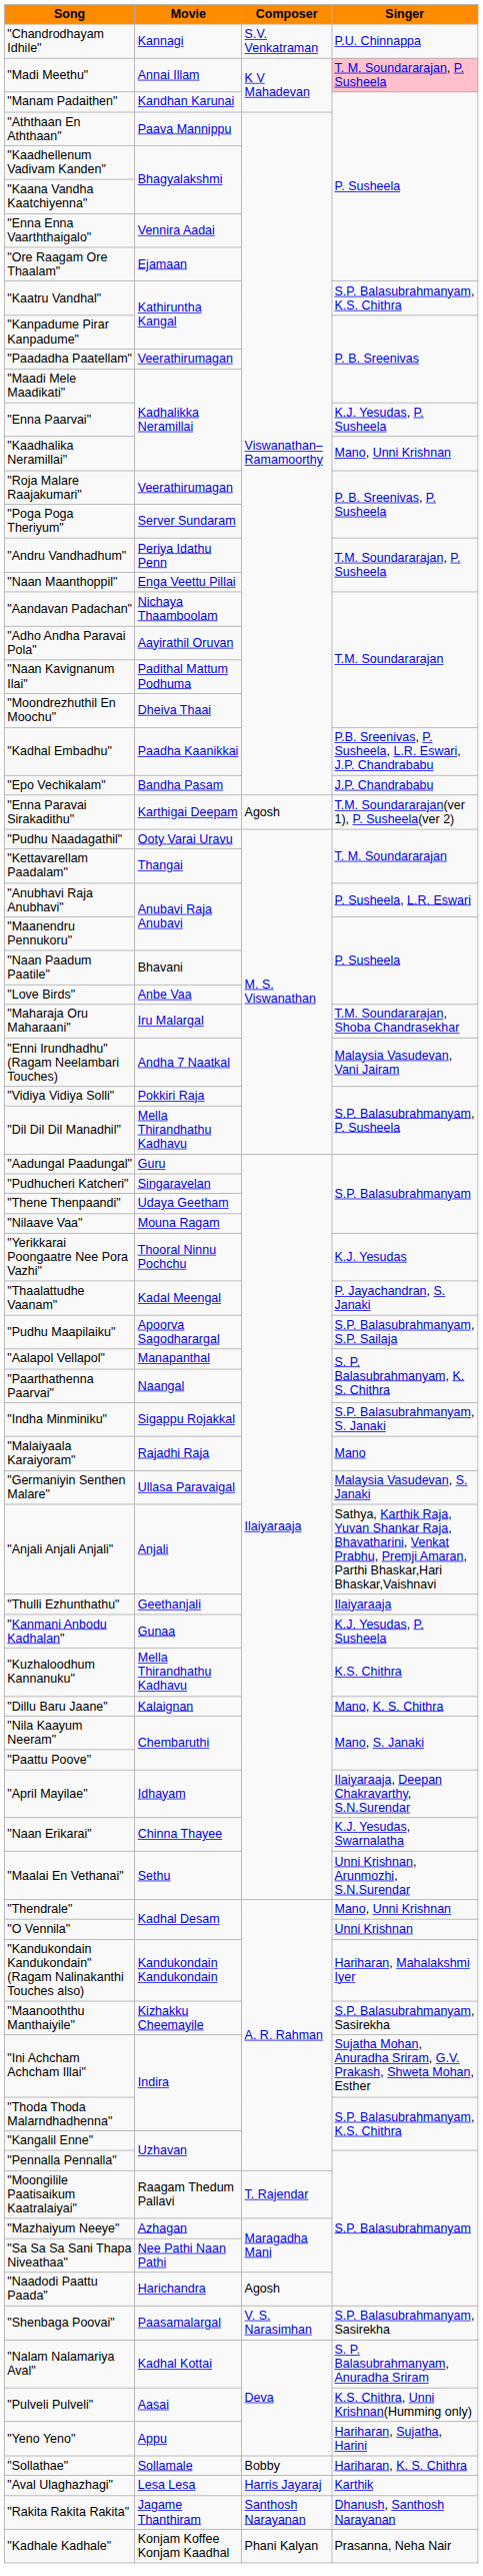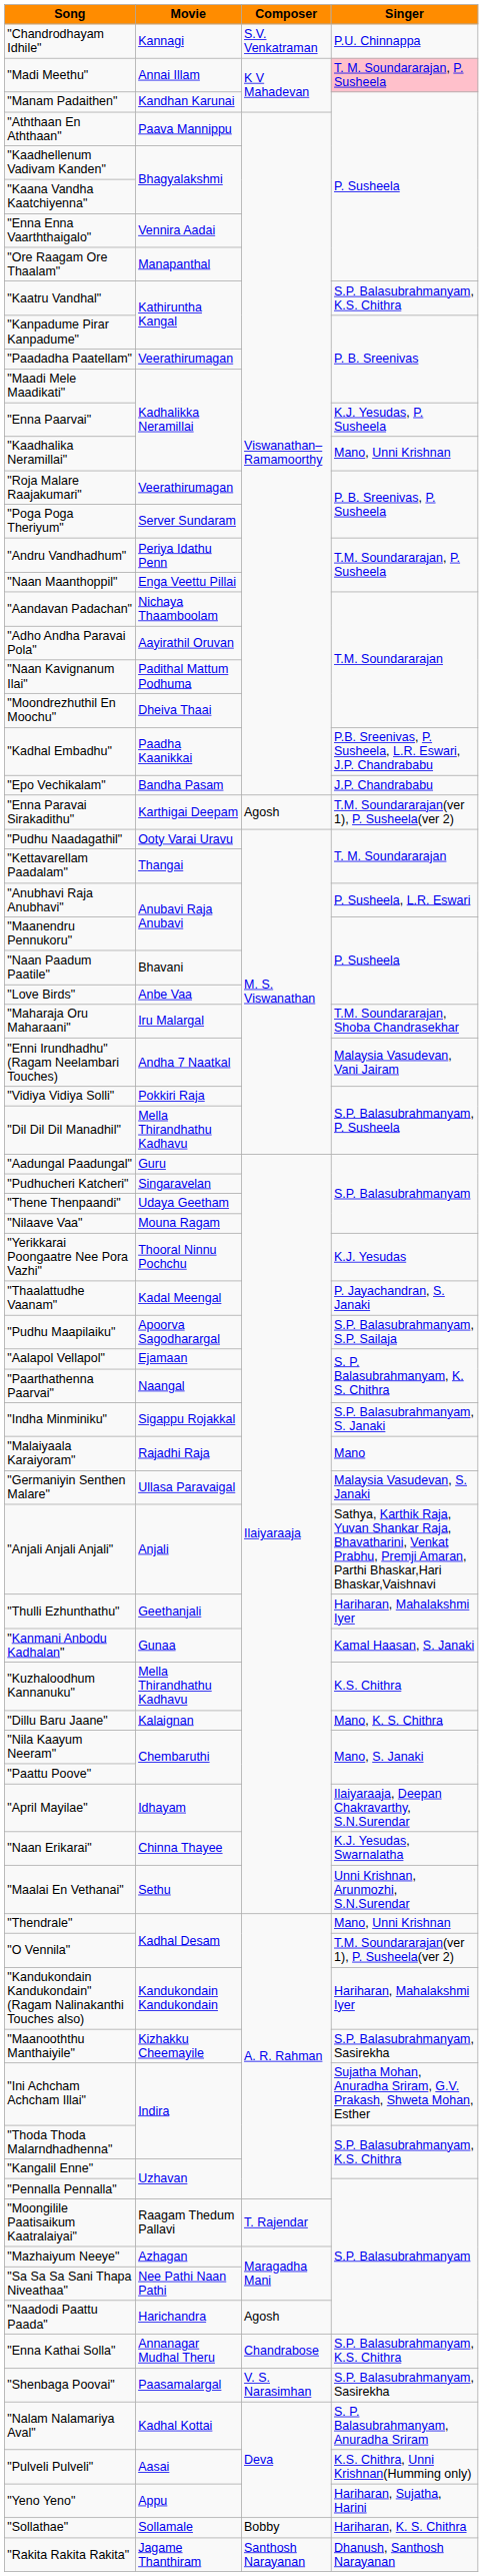 <table class="wikitable">
 <tr>
 <th style="background:#FF8C00">Song</th>
 <th style="background:#FF8C00">Movie</th>
 <th style="background:#FF8C00">Composer</th>
 <th style="background:#FF8C00">Singer</th>
 </tr>
 <tr>
 <td>"Chandrodhayam Idhile"</td>
 <td><a href='#'>Kannagi</a></td>
 <td><a href='#'>S.V. Venkatraman</a></td>
 <td><a href='#'>P.U. Chinnappa</a></td>
 </tr>
 <tr>
 <td>"Madi Meethu"</td>
 <td><a href='#'>Annai Illam</a></td>
 <td rowspan="2"><a href='#'>K V Mahadevan</a></td>
 <td style="background: pink;"><a href='#'>T. M. Soundararajan</a>, <a href='#'>P. Susheela</a></td>
 </tr>
 <tr>
 <td>"Manam Padaithen"</td>
 <td><a href='#'>Kandhan Karunai</a></td>
 <td rowspan="6"><a href='#'>P. Susheela</a></td>
 </tr>
 <tr>
 <td>"Aththaan En Aththaan"</td>
 <td><a href='#'>Paava Mannippu</a></td>
 <td rowspan="21"><a href='#'>Viswanathan–Ramamoorthy</a></td>
 </tr>
 <tr>
 <td>"Kaadhellenum Vadivam Kanden"</td>
 <td rowspan="2"><a href='#'>Bhagyalakshmi</a></td>
 </tr>
 <tr>
 <td>"Kaana Vandha Kaatchiyenna"</td>
 </tr>
 <tr>
 <td>"Enna Enna Vaarththaigalo"</td>
 <td><a href='#'>Vennira Aadai</a></td>
 </tr>
 <tr>
 <td>"Ore Raagam Ore Thaalam"</td>
-<td><a href='#'>Ejamaan</a></td>
+<td><a href='#'>Manapanthal</a></td>
 </tr>
 <tr>
 <td>"Kaatru Vandhal"</td>
 <td rowspan="2"><a href='#'>Kathiruntha Kangal</a></td>
 <td><a href='#'>S.P. Balasubrahmanyam</a>, <a href='#'>K.S. Chithra</a></td>
 </tr>
 <tr>
 <td>"Kanpadume Pirar Kanpadume"</td>
 <td rowspan="3"><a href='#'>P. B. Sreenivas</a></td>
 </tr>
 <tr>
 <td>"Paadadha Paatellam"</td>
 <td><a href='#'>Veerathirumagan</a></td>
 </tr>
 <tr>
 <td>"Maadi Mele Maadikati"</td>
 <td rowspan="3"><a href='#'>Kadhalikka Neramillai</a></td>
 </tr>
 <tr>
 <td>"Enna Paarvai"</td>
 <td><a href='#'>K.J. Yesudas</a>, <a href='#'>P. Susheela</a></td>
 </tr>
 <tr>
 <td>"Kaadhalika Neramillai"</td>
 <td><a href='#'>Mano</a>, <a href='#'>Unni Krishnan</a></td>
 </tr>
 <tr>
 <td>"Roja Malare Raajakumari"</td>
 <td><a href='#'>Veerathirumagan</a></td>
 <td rowspan="2"><a href='#'>P. B. Sreenivas</a>, <a href='#'>P. Susheela</a></td>
 </tr>
 <tr>
 <td>"Poga Poga Theriyum"</td>
 <td><a href='#'>Server Sundaram</a></td>
 </tr>
 <tr>
 <td>"Andru Vandhadhum"</td>
 <td><a href='#'>Periya Idathu Penn</a></td>
 <td rowspan="2"><a href='#'>T.M. Soundararajan</a>, <a href='#'>P. Susheela</a></td>
 </tr>
 <tr>
 <td>"Naan Maanthoppil"</td>
 <td><a href='#'>Enga Veettu Pillai</a></td>
 </tr>
 <tr>
 <td>"Aandavan Padachan"</td>
 <td><a href='#'>Nichaya Thaamboolam</a></td>
 <td rowspan="4"><a href='#'>T.M. Soundararajan</a></td>
 </tr>
 <tr>
 <td>"Adho Andha Paravai Pola"</td>
 <td><a href='#'>Aayirathil Oruvan</a></td>
 </tr>
 <tr>
 <td>"Naan Kavignanum Ilai"</td>
 <td><a href='#'>Padithal Mattum Podhuma</a></td>
 </tr>
 <tr>
 <td>"Moondrezhuthil En Moochu"</td>
 <td><a href='#'>Dheiva Thaai</a></td>
 </tr>
 <tr>
 <td>"Kadhal Embadhu"</td>
 <td><a href='#'>Paadha Kaanikkai</a></td>
 <td><a href='#'>P.B. Sreenivas</a>, <a href='#'>P. Susheela</a>, <a href='#'>L.R. Eswari</a>, <a href='#'>J.P. Chandrababu</a></td>
 </tr>
 <tr>
 <td>"Epo Vechikalam"</td>
 <td><a href='#'>Bandha Pasam</a></td>
 <td><a href='#'>J.P. Chandrababu</a></td>
 </tr>
 <tr>
 <td>"Enna Paravai Sirakadithu"</td>
 <td><a href='#'>Karthigai Deepam</a></td>
 <td>Agosh</td>
 <td><a href='#'>T.M. Soundararajan</a>(ver 1), <a href='#'>P. Susheela</a>(ver 2)</td>
 </tr>
 <tr>
 <td>"Pudhu Naadagathil"</td>
 <td><a href='#'>Ooty Varai Uravu</a></td>
 <td rowspan="10"><a href='#'>M. S. Viswanathan</a></td>
 <td rowspan="2"><a href='#'>T. M. Soundararajan</a></td>
 </tr>
 <tr>
 <td>"Kettavarellam Paadalam"</td>
 <td><a href='#'>Thangai</a></td>
 </tr>
 <tr>
 <td>"Anubhavi Raja Anubhavi"</td>
 <td rowspan="2"><a href='#'>Anubavi Raja Anubavi</a></td>
 <td><a href='#'>P. Susheela</a>, <a href='#'>L.R. Eswari</a></td>
 </tr>
 <tr>
 <td>"Maanendru Pennukoru"</td>
 <td rowspan="3"><a href='#'>P. Susheela</a></td>
 </tr>
 <tr>
 <td>"Naan Paadum Paatile"</td>
 <td>Bhavani</td>
 </tr>
 <tr>
 <td>"Love Birds"</td>
 <td><a href='#'>Anbe Vaa</a></td>
 </tr>
 <tr>
 <td>"Maharaja Oru Maharaani"</td>
 <td><a href='#'>Iru Malargal</a></td>
 <td><a href='#'>T.M. Soundararajan</a>, <a href='#'>Shoba Chandrasekhar</a></td>
 </tr>
 <tr>
 <td>"Enni Irundhadhu"<br>(Ragam Neelambari Touches)</td>
 <td><a href='#'>Andha 7 Naatkal</a></td>
 <td><a href='#'>Malaysia Vasudevan</a>, <a href='#'>Vani Jairam</a></td>
 </tr>
 <tr>
 <td>"Vidiya Vidiya Solli"</td>
 <td><a href='#'>Pokkiri Raja</a></td>
 <td rowspan="2"><a href='#'>S.P. Balasubrahmanyam</a>, <a href='#'>P. Susheela</a></td>
 </tr>
 <tr>
 <td>"Dil Dil Dil Manadhil"</td>
 <td><a href='#'>Mella Thirandhathu Kadhavu</a></td>
 </tr>
 <tr>
 <td>"Aadungal Paadungal"</td>
 <td><a href='#'>Guru</a></td>
 <td rowspan="22"><a href='#'>Ilaiyaraaja</a></td>
 <td rowspan="4"><a href='#'>S.P. Balasubrahmanyam</a></td>
 </tr>
 <tr>
 <td>"Pudhucheri Katcheri"</td>
 <td><a href='#'>Singaravelan</a></td>
 </tr>
 <tr>
 <td>"Thene Thenpaandi"</td>
 <td><a href='#'>Udaya Geetham</a></td>
 </tr>
 <tr>
 <td>"Nilaave Vaa"</td>
 <td><a href='#'>Mouna Ragam</a></td>
 </tr>
 <tr>
 <td>"Yerikkarai Poongaatre Nee Pora Vazhi"</td>
 <td><a href='#'>Thooral Ninnu Pochchu</a></td>
 <td><a href='#'>K.J. Yesudas</a></td>
 </tr>
 <tr>
 <td>"Thaalattudhe Vaanam"</td>
 <td><a href='#'>Kadal Meengal</a></td>
 <td><a href='#'>P. Jayachandran</a>, <a href='#'>S. Janaki</a></td>
 </tr>
 <tr>
 <td>"Pudhu Maapilaiku"</td>
 <td><a href='#'>Apoorva Sagodharargal</a></td>
 <td><a href='#'>S.P. Balasubrahmanyam</a>, <a href='#'>S.P. Sailaja</a></td>
 </tr>
 <tr>
 <td>"Aalapol Vellapol"</td>
-<td><a href='#'>Manapanthal</a></td>
+<td><a href='#'>Ejamaan</a></td>
 <td rowspan="2"><a href='#'>S. P. Balasubrahmanyam</a>, <a href='#'>K. S. Chithra</a></td>
 </tr>
 <tr>
 <td>"Paarthathenna Paarvai"</td>
 <td><a href='#'>Naangal</a></td>
 </tr>
 <tr>
 <td>"Indha Minminiku"</td>
 <td><a href='#'>Sigappu Rojakkal</a></td>
 <td><a href='#'>S.P. Balasubrahmanyam</a>, <a href='#'>S. Janaki</a></td>
 </tr>
 <tr>
 <td>"Malaiyaala Karaiyoram"</td>
 <td><a href='#'>Rajadhi Raja</a></td>
 <td><a href='#'>Mano</a></td>
 </tr>
 <tr>
 <td>"Germaniyin Senthen Malare"</td>
 <td><a href='#'>Ullasa Paravaigal</a></td>
 <td><a href='#'>Malaysia Vasudevan</a>, <a href='#'>S. Janaki</a></td>
 </tr>
 <tr>
 <td>"Anjali Anjali Anjali"</td>
 <td><a href='#'>Anjali</a></td>
 <td>Sathya, <a href='#'>Karthik Raja</a>, <a href='#'>Yuvan Shankar Raja</a>,<br><a href='#'>Bhavatharini</a>, <a href='#'>Venkat Prabhu</a>, <a href='#'>Premji Amaran</a>, Parthi Bhaskar,Hari Bhaskar,Vaishnavi</td>
 </tr>
 <tr>
 <td>"Thulli Ezhunthathu"</td>
 <td><a href='#'>Geethanjali</a></td>
-<td><a href='#'>Ilaiyaraaja</a></td>
+<td><a href='#'>Hariharan</a>, <a href='#'>Mahalakshmi Iyer</a></td>
 </tr>
 <tr>
 <td>"<a href='#'>Kanmani Anbodu Kadhalan</a>"</td>
 <td><a href='#'>Gunaa</a></td>
-<td><a href='#'>K.J. Yesudas</a>, <a href='#'>P. Susheela</a></td>
+<td><a href='#'>Kamal Haasan</a>, <a href='#'>S. Janaki</a></td>
 </tr>
 <tr>
 <td>"Kuzhaloodhum Kannanuku"</td>
 <td><a href='#'>Mella Thirandhathu Kadhavu</a></td>
 <td><a href='#'>K.S. Chithra</a></td>
 </tr>
 <tr>
 <td>"Dillu Baru Jaane"</td>
 <td><a href='#'>Kalaignan</a></td>
 <td><a href='#'>Mano</a>, <a href='#'>K. S. Chithra</a></td>
 </tr>
 <tr>
 <td>"Nila Kaayum Neeram"</td>
 <td rowspan="2"><a href='#'>Chembaruthi</a></td>
 <td rowspan="2"><a href='#'>Mano</a>, <a href='#'>S. Janaki</a></td>
 </tr>
 <tr>
 <td>"Paattu Poove"</td>
 </tr>
 <tr>
 <td>"April Mayilae"</td>
 <td><a href='#'>Idhayam</a></td>
 <td><a href='#'>Ilaiyaraaja</a>, <a href='#'>Deepan Chakravarthy</a>, <a href='#'>S.N.Surendar</a></td>
 </tr>
 <tr>
 <td>"Naan Erikarai"</td>
 <td><a href='#'>Chinna Thayee</a></td>
 <td><a href='#'>K.J. Yesudas</a>, <a href='#'>Swarnalatha</a></td>
 </tr>
 <tr>
 <td>"Maalai En Vethanai"</td>
 <td><a href='#'>Sethu</a></td>
 <td><a href='#'>Unni Krishnan</a>, <a href='#'>Arunmozhi</a>, <a href='#'>S.N.Surendar</a></td>
 </tr>
 <tr>
 <td>"Thendrale"</td>
 <td rowspan="2"><a href='#'>Kadhal Desam</a></td>
 <td rowspan="8"><a href='#'>A. R. Rahman</a></td>
 <td><a href='#'>Mano</a>, <a href='#'>Unni Krishnan</a></td>
 </tr>
 <tr>
 <td>"O Vennila"</td>
-<td><a href='#'>Unni Krishnan</a></td>
+<td><a href='#'>T.M. Soundararajan</a>(ver 1), <a href='#'>P. Susheela</a>(ver 2)</td>
 </tr>
 <tr>
 <td>"Kandukondain Kandukondain" (Ragam Nalinakanthi Touches also)</td>
 <td><a href='#'>Kandukondain Kandukondain</a></td>
 <td><a href='#'>Hariharan</a>, <a href='#'>Mahalakshmi Iyer</a></td>
 </tr>
 <tr>
 <td>"Maanooththu Manthaiyile"</td>
 <td><a href='#'>Kizhakku Cheemayile</a></td>
 <td><a href='#'>S.P. Balasubrahmanyam</a>, Sasirekha</td>
 </tr>
 <tr>
 <td>"Ini Achcham Achcham Illai"</td>
 <td rowspan="2"><a href='#'>Indira</a></td>
 <td><a href='#'>Sujatha Mohan</a>, <a href='#'>Anuradha Sriram</a>, <a href='#'>G.V. Prakash</a>, <a href='#'>Shweta Mohan</a>, Esther</td>
 </tr>
 <tr>
 <td>"Thoda Thoda Malarndhadhenna"</td>
 <td rowspan="2"><a href='#'>S.P. Balasubrahmanyam</a>, <a href='#'>K.S. Chithra</a></td>
 </tr>
 <tr>
 <td>"Kangalil Enne"</td>
 <td rowspan="2"><a href='#'>Uzhavan</a></td>
 </tr>
 <tr>
 <td>"Pennalla Pennalla"</td>
 <td rowspan="5"><a href='#'>S.P. Balasubrahmanyam</a></td>
 </tr>
 <tr>
 <td>"Moongilile Paatisaikum Kaatralaiyai"</td>
 <td>Raagam Thedum Pallavi</td>
 <td><a href='#'>T. Rajendar</a></td>
 </tr>
 <tr>
 <td>"Mazhaiyum Neeye"</td>
 <td><a href='#'>Azhagan</a></td>
 <td rowspan="2"><a href='#'>Maragadha Mani</a></td>
 </tr>
 <tr>
 <td>"Sa Sa Sa Sani Thapa Niveathaa"</td>
 <td><a href='#'>Nee Pathi Naan Pathi</a></td>
 </tr>
 <tr>
 <td>"Naadodi Paattu Paada"</td>
 <td><a href='#'>Harichandra</a></td>
 <td>Agosh</td>
 </tr>
 <tr>
+<td>"Enna Kathai Solla"</td>
+<td><a href='#'>Annanagar Mudhal Theru</a></td>
+<td><a href='#'>Chandrabose</a></td>
+<td><a href='#'>S.P. Balasubrahmanyam</a>, <a href='#'>K.S. Chithra</a></td>
+</tr>
+<tr>
 <td>"Shenbaga Poovai"</td>
 <td><a href='#'>Paasamalargal</a></td>
 <td><a href='#'>V. S. Narasimhan</a></td>
 <td><a href='#'>S.P. Balasubrahmanyam</a>, Sasirekha</td>
 </tr>
 <tr>
 <td>"Nalam Nalamariya Aval"</td>
 <td><a href='#'>Kadhal Kottai</a></td>
 <td rowspan="3"><a href='#'>Deva</a></td>
 <td><a href='#'>S. P. Balasubrahmanyam</a>, <a href='#'>Anuradha Sriram</a></td>
 </tr>
 <tr>
 <td>"Pulveli Pulveli"</td>
 <td><a href='#'>Aasai</a></td>
 <td><a href='#'>K.S. Chithra</a>, <a href='#'>Unni Krishnan</a>(Humming only)</td>
 </tr>
 <tr>
 <td>"Yeno Yeno"</td>
 <td><a href='#'>Appu</a></td>
 <td><a href='#'>Hariharan</a>, <a href='#'>Sujatha</a>, <a href='#'>Harini</a></td>
 </tr>
 <tr>
 <td>"Sollathae"</td>
 <td><a href='#'>Sollamale</a></td>
 <td>Bobby</td>
 <td><a href='#'>Hariharan</a>, <a href='#'>K. S. Chithra</a></td>
 </tr>
 <tr>
-<td>"Aval Ulaghazhagi"</td>
-<td><a href='#'>Lesa Lesa</a></td>
-<td><a href='#'>Harris Jayaraj</a></td>
-<td><a href='#'>Karthik</a></td>
-</tr>
-<tr>
 <td>"Rakita Rakita Rakita"</td>
 <td><a href='#'>Jagame Thanthiram</a></td>
 <td><a href='#'>Santhosh Narayanan</a></td>
 <td><a href='#'>Dhanush</a>, <a href='#'>Santhosh Narayanan</a></td>
 </tr>
-<tr>
-<td>"Kadhale Kadhale"</td>
-<td>Konjam Koffee Konjam Kaadhal</td>
-<td>Phani Kalyan</td>
-<td>Prasanna, Neha Nair</td>
-</tr>
 </table>
